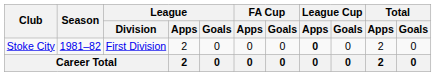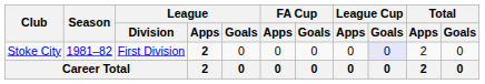 <table class="wikitable" style="text-align: center;">
 <tr>
 <th rowspan="2">Club</th>
 <th rowspan="2">Season</th>
 <th colspan="3">League</th>
 <th colspan="2">FA Cup</th>
 <th colspan="2">League Cup</th>
 <th colspan="2">Total</th>
 </tr>
 <tr>
 <th>Division</th>
 <th>Apps</th>
 <th>Goals</th>
 <th>Apps</th>
 <th>Goals</th>
 <th>Apps</th>
 <th>Goals</th>
 <th>Apps</th>
 <th>Goals</th>
 </tr>
 <tr>
 <td><a href='#'>Stoke City</a></td>
 <td><a href='#'>1981–82</a></td>
 <td><a href='#'>First Division</a></td>
-<td>2</td>
+<td><strong>2</strong></td>
 <td>0</td>
 <td>0</td>
 <td>0</td>
-<td><strong>0</strong></td>
 <td>0</td>
+<td style="background: lavender;">0</td>
 <td>2</td>
 <td>0</td>
 </tr>
 <tr>
 <th colspan=3>Career Total</th>
 <th>2</th>
 <th>0</th>
 <th>0</th>
 <th>0</th>
 <th>0</th>
 <th>0</th>
 <th>2</th>
 <th>0</th>
 </tr>
 </table>
